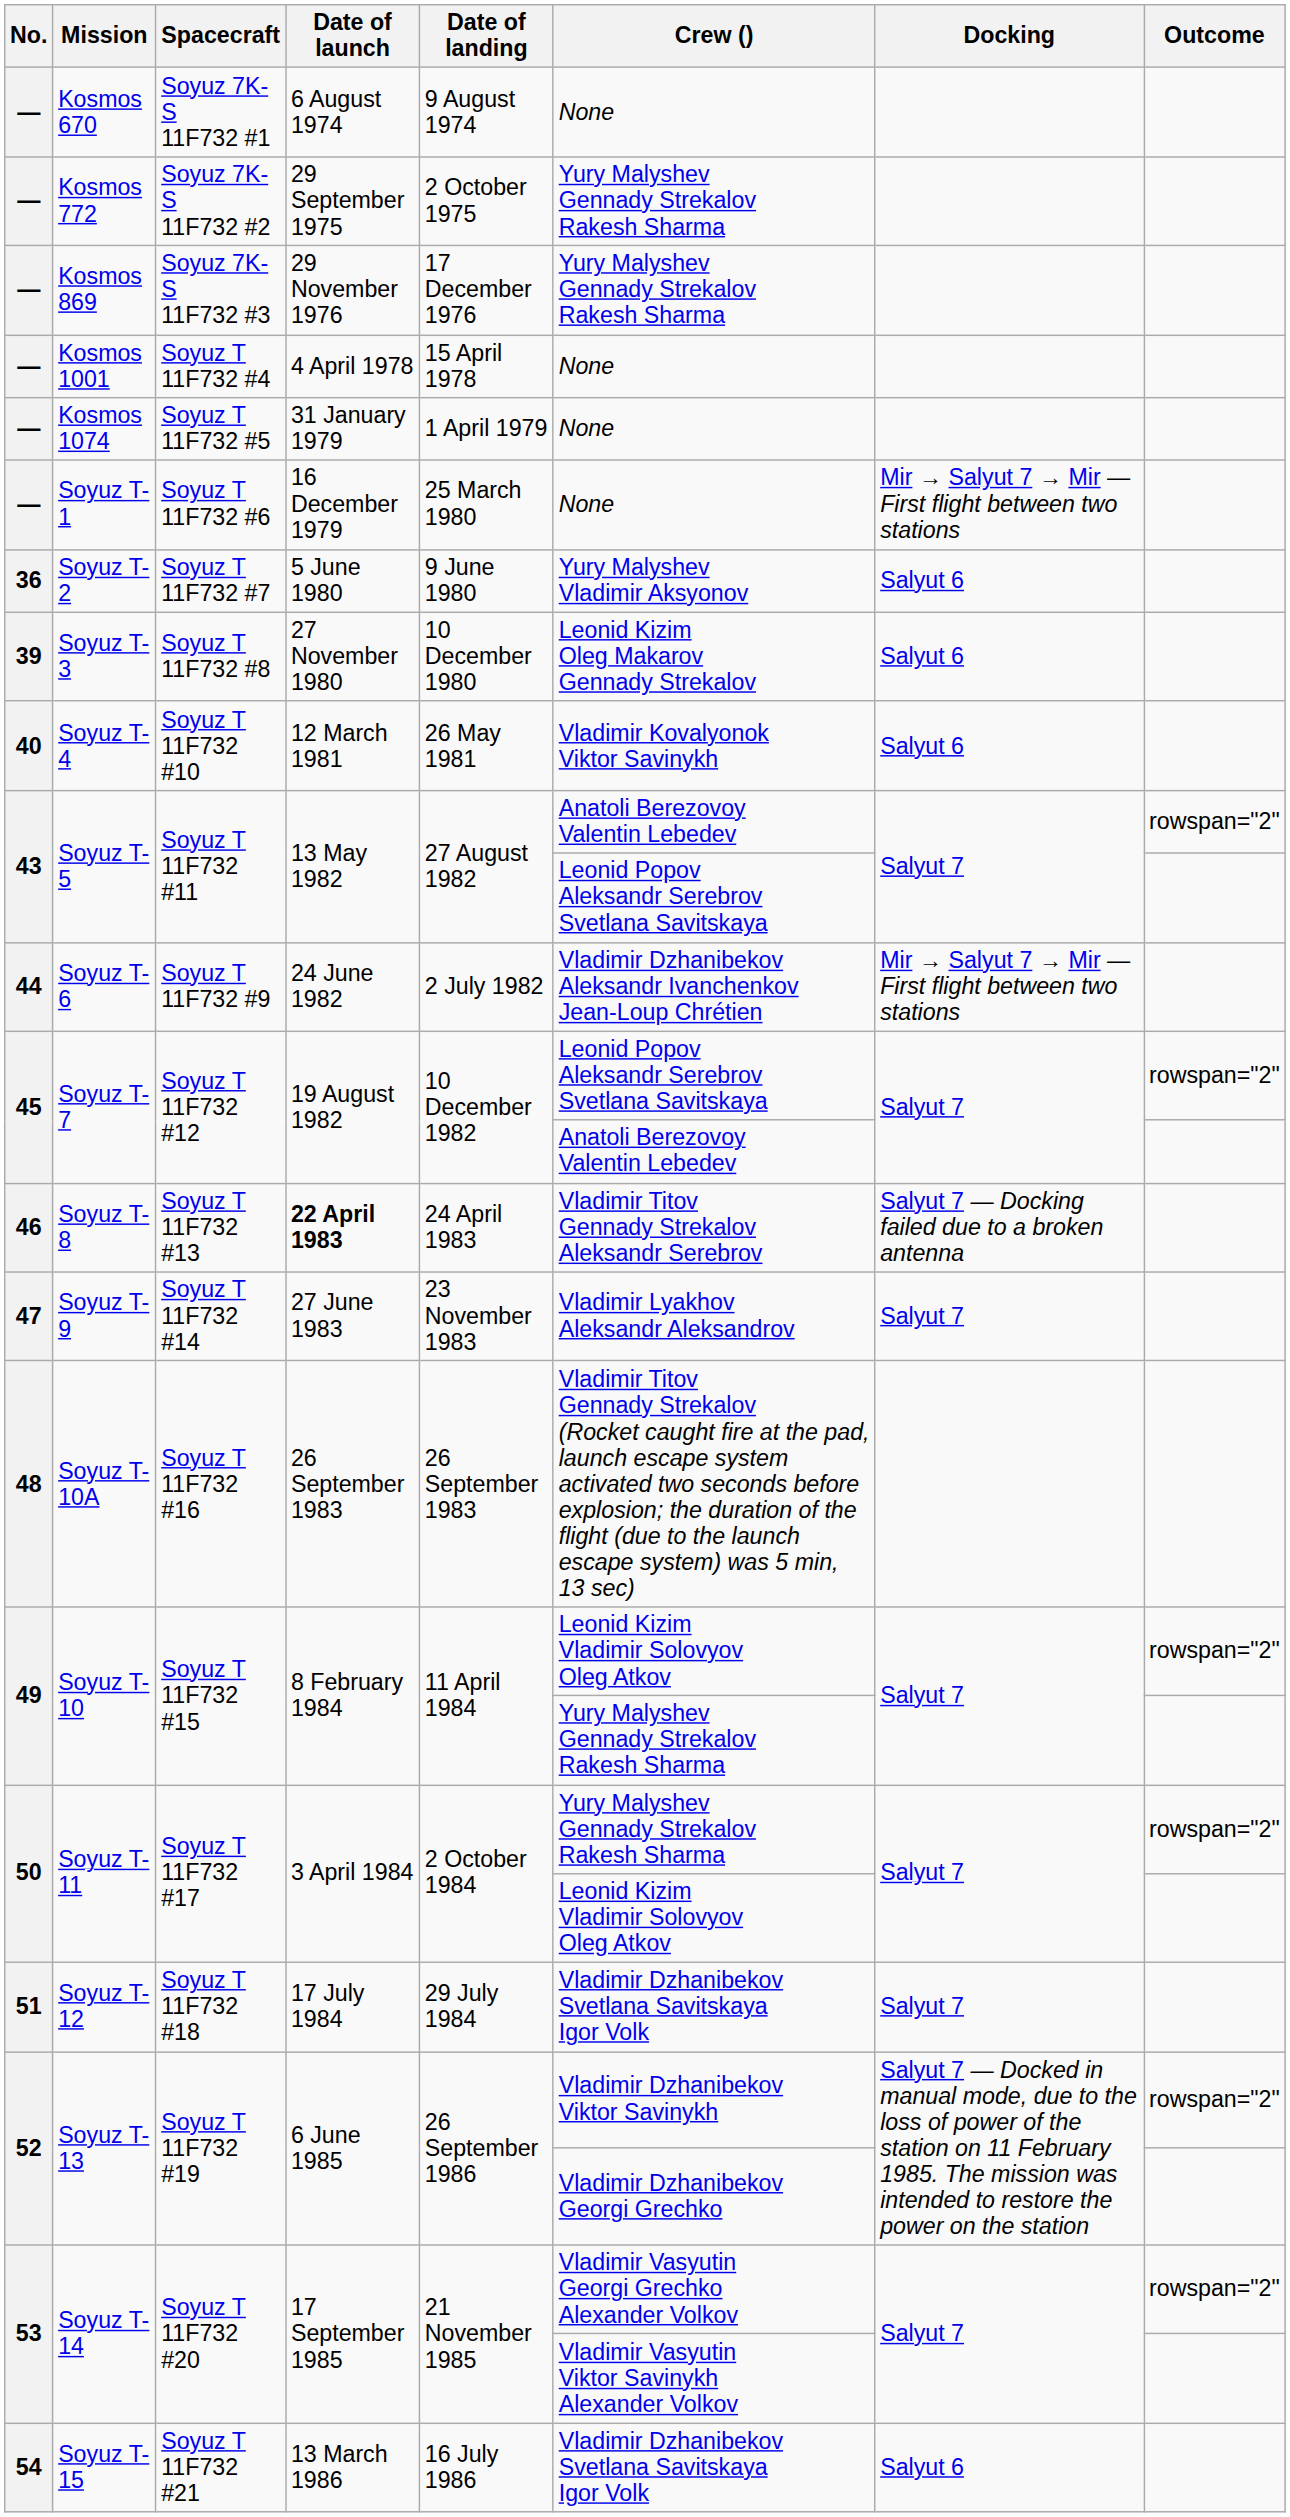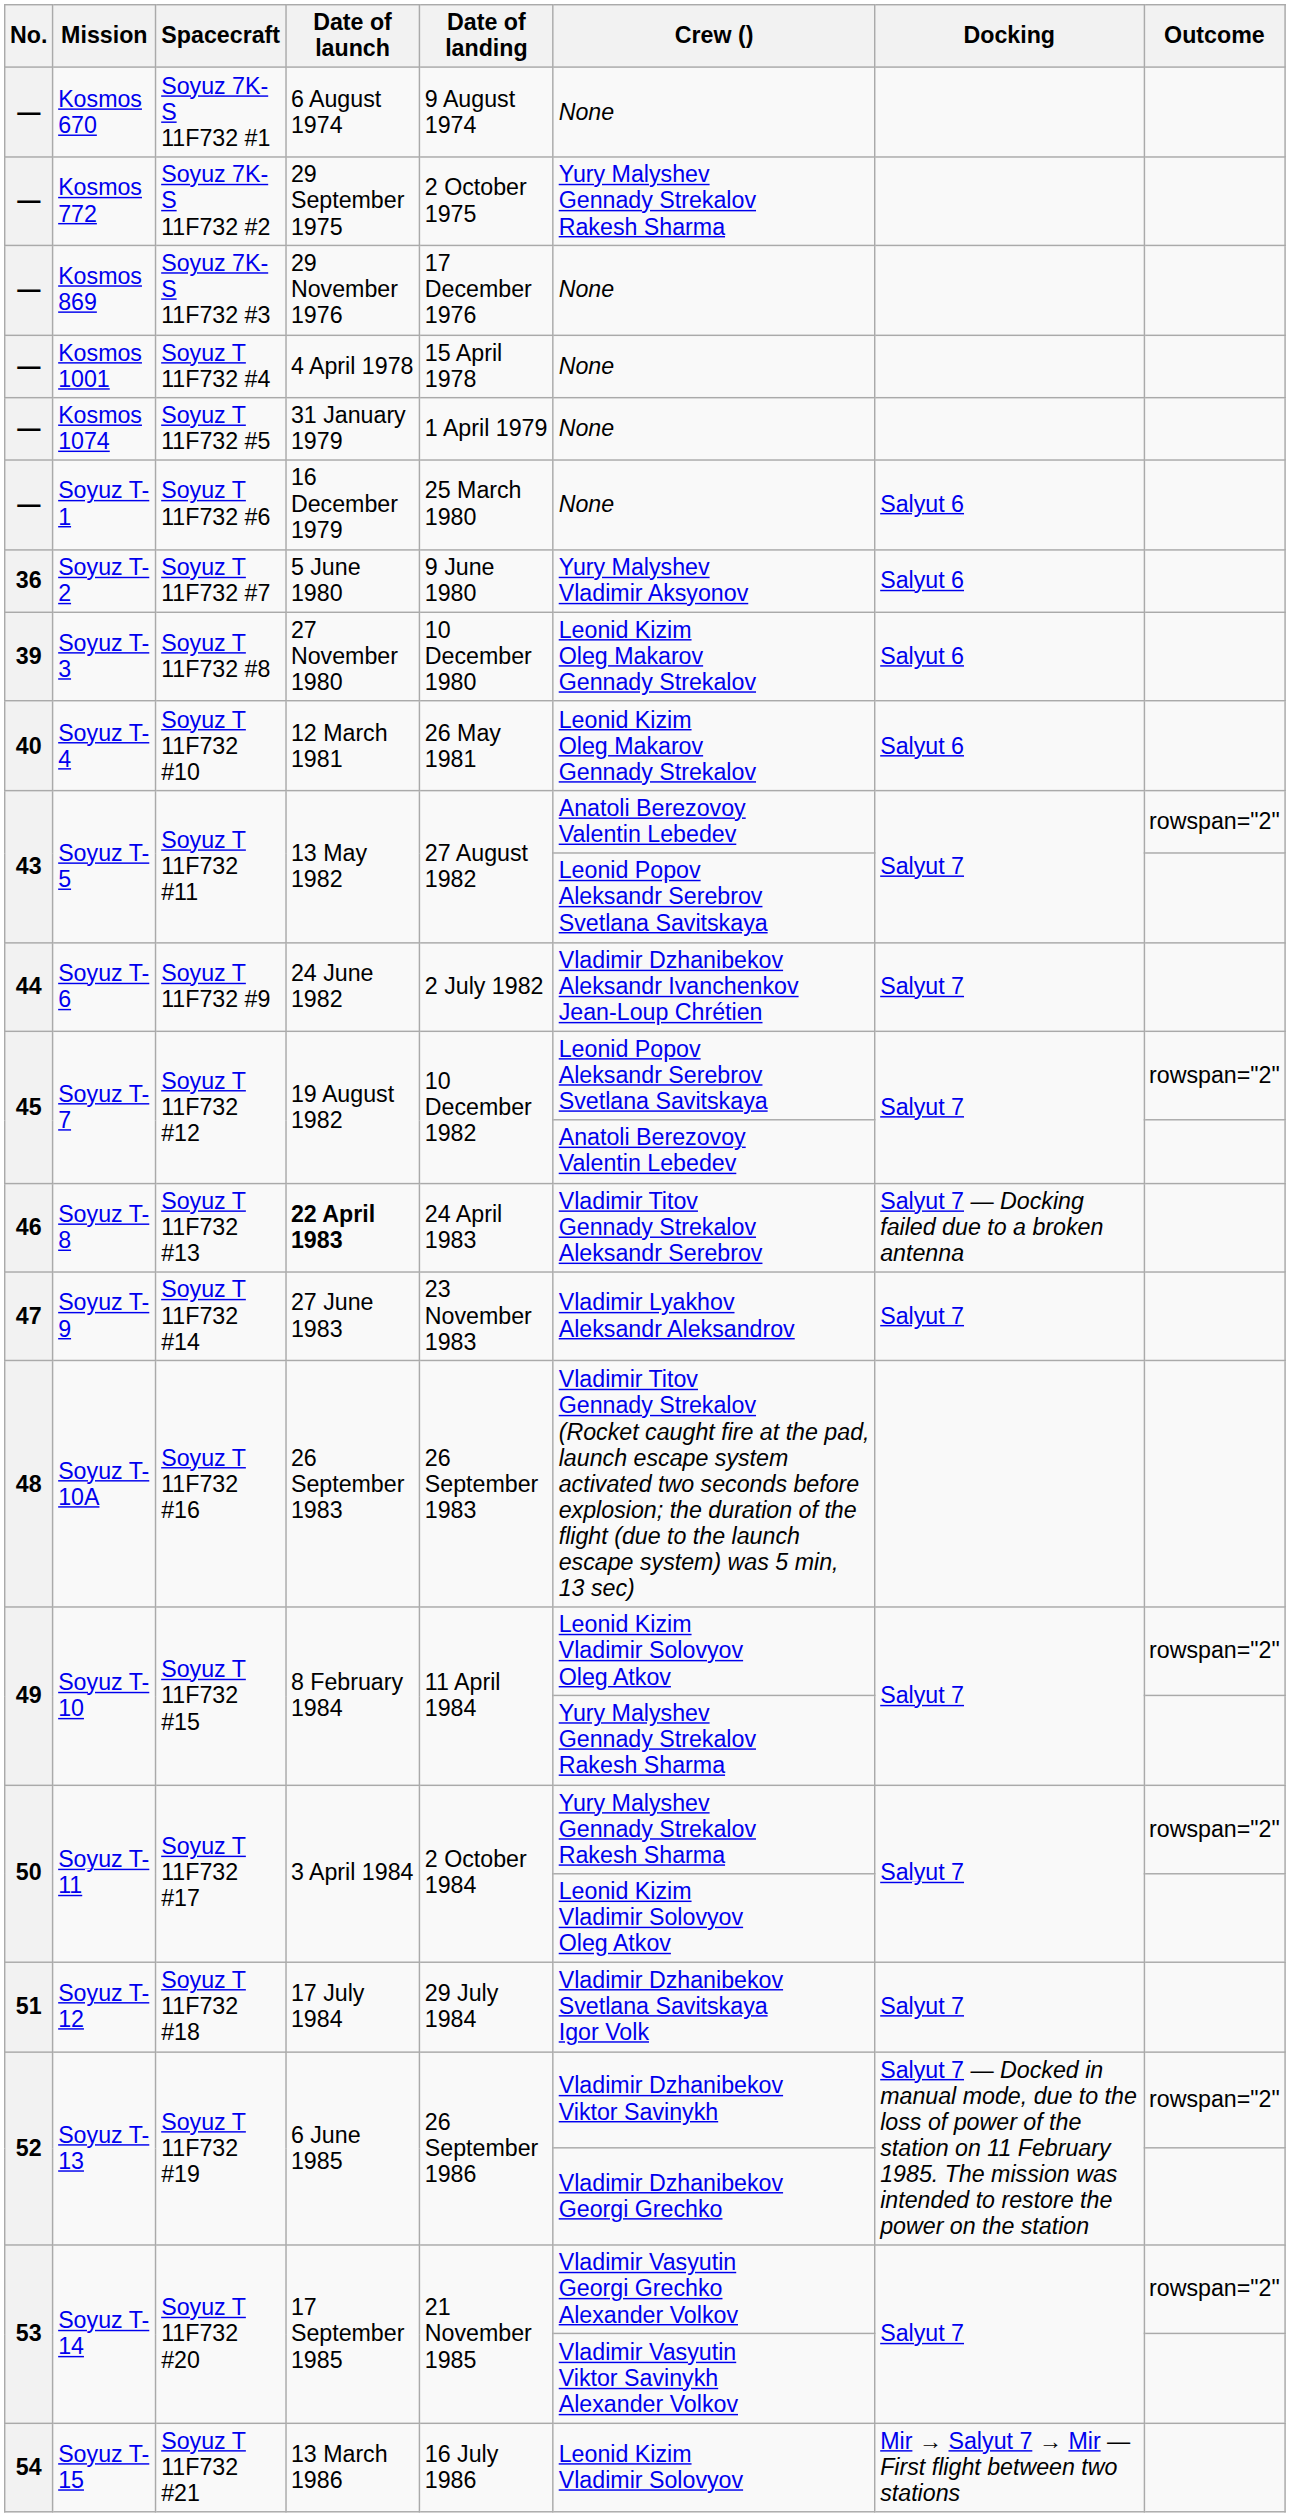 <table class="wikitable sticky-header" width="100%">
 <tr>
 <th>No.</th>
 <th>Mission</th>
 <th>Spacecraft</th>
 <th>Date of launch</th>
 <th>Date of landing</th>
 <th>Crew ()</th>
 <th>Docking</th>
 <th>Outcome</th>
 </tr>
 <tr>
 <th>—</th>
 <td><a href='#'>Kosmos 670</a></td>
 <td><a href='#'>Soyuz 7K-S</a><br>11F732 #1</td>
 <td>6 August 1974</td>
 <td>9 August 1974</td>
 <td><em>None</em></td>
 <td></td>
 <td></td>
 </tr>
 <tr>
 <th>—</th>
 <td><a href='#'>Kosmos 772</a></td>
 <td><a href='#'>Soyuz 7K-S</a><br>11F732 #2</td>
 <td>29 September 1975</td>
 <td>2 October 1975</td>
 <td> <a href='#'>Yury Malyshev</a><br> <a href='#'>Gennady Strekalov</a><br> <a href='#'>Rakesh Sharma</a></td>
 <td></td>
 <td></td>
 </tr>
 <tr>
 <th>—</th>
 <td><a href='#'>Kosmos 869</a></td>
 <td><a href='#'>Soyuz 7K-S</a><br>11F732 #3</td>
 <td>29 November 1976</td>
 <td>17 December 1976</td>
-<td> <a href='#'>Yury Malyshev</a><br> <a href='#'>Gennady Strekalov</a><br> <a href='#'>Rakesh Sharma</a></td>
+<td><em>None</em></td>
 <td></td>
 <td></td>
 </tr>
 <tr>
 <th>—</th>
 <td><a href='#'>Kosmos 1001</a></td>
 <td><a href='#'>Soyuz T</a><br>11F732 #4</td>
 <td>4 April 1978</td>
 <td>15 April 1978</td>
 <td><em>None</em></td>
 <td></td>
 <td></td>
 </tr>
 <tr>
 <th>—</th>
 <td><a href='#'>Kosmos 1074</a></td>
 <td><a href='#'>Soyuz T</a><br>11F732 #5</td>
 <td>31 January 1979</td>
 <td>1 April 1979</td>
 <td><em>None</em></td>
 <td></td>
 <td></td>
 </tr>
 <tr>
 <th>—</th>
 <td><a href='#'>Soyuz T-1</a></td>
 <td><a href='#'>Soyuz T</a><br>11F732 #6</td>
 <td>16 December 1979</td>
 <td>25 March 1980</td>
 <td><em>None</em></td>
-<td><a href='#'>Mir</a> → <a href='#'>Salyut 7</a> → <a href='#'>Mir</a> — <em>First flight between two stations</em></td>
+<td><a href='#'>Salyut 6</a></td>
 <td></td>
 </tr>
 <tr>
 <th>36</th>
 <td><a href='#'>Soyuz T-2</a></td>
 <td><a href='#'>Soyuz T</a><br>11F732 #7</td>
 <td>5 June 1980</td>
 <td>9 June 1980</td>
 <td> <a href='#'>Yury Malyshev</a><br> <a href='#'>Vladimir Aksyonov</a></td>
 <td><a href='#'>Salyut 6</a></td>
 <td></td>
 </tr>
 <tr>
 <th>39</th>
 <td><a href='#'>Soyuz T-3</a></td>
 <td><a href='#'>Soyuz T</a><br>11F732 #8</td>
 <td>27 November 1980</td>
 <td>10 December 1980</td>
 <td> <a href='#'>Leonid Kizim</a><br> <a href='#'>Oleg Makarov</a><br> <a href='#'>Gennady Strekalov</a></td>
 <td><a href='#'>Salyut 6</a></td>
 <td></td>
 </tr>
 <tr>
 <th>40</th>
 <td><a href='#'>Soyuz T-4</a></td>
 <td><a href='#'>Soyuz T</a><br>11F732 #10</td>
 <td>12 March 1981</td>
 <td>26 May 1981</td>
-<td> <a href='#'>Vladimir Kovalyonok</a><br> <a href='#'>Viktor Savinykh</a></td>
+<td> <a href='#'>Leonid Kizim</a><br> <a href='#'>Oleg Makarov</a><br> <a href='#'>Gennady Strekalov</a></td>
 <td><a href='#'>Salyut 6</a></td>
 <td></td>
 </tr>
 <tr>
 <th rowspan="2">43</th>
 <td rowspan="2"><a href='#'>Soyuz T-5</a></td>
 <td rowspan="2"><a href='#'>Soyuz T</a><br>11F732 #11</td>
 <td rowspan="2">13 May 1982</td>
 <td rowspan="2">27 August 1982</td>
 <td> <a href='#'>Anatoli Berezovoy</a><br> <a href='#'>Valentin Lebedev</a></td>
 <td rowspan="2"><a href='#'>Salyut 7</a></td>
 <td>rowspan="2" </td>
 </tr>
 <tr>
 <td> <a href='#'>Leonid Popov</a><br> <a href='#'>Aleksandr Serebrov</a><br> <a href='#'>Svetlana Savitskaya</a></td>
 </tr>
 <tr>
 <th>44</th>
 <td><a href='#'>Soyuz T-6</a></td>
 <td><a href='#'>Soyuz T</a><br>11F732 #9</td>
 <td>24 June 1982</td>
 <td>2 July 1982</td>
 <td> <a href='#'>Vladimir Dzhanibekov</a><br> <a href='#'>Aleksandr Ivanchenkov</a><br> <a href='#'>Jean-Loup Chrétien</a></td>
-<td><a href='#'>Mir</a> → <a href='#'>Salyut 7</a> → <a href='#'>Mir</a> — <em>First flight between two stations</em></td>
+<td><a href='#'>Salyut 7</a></td>
 <td></td>
 </tr>
 <tr>
 <th rowspan="2">45</th>
 <td rowspan="2"><a href='#'>Soyuz T-7</a></td>
 <td rowspan="2"><a href='#'>Soyuz T</a><br>11F732 #12</td>
 <td rowspan="2">19 August 1982</td>
 <td rowspan="2">10 December 1982</td>
 <td> <a href='#'>Leonid Popov</a><br> <a href='#'>Aleksandr Serebrov</a><br> <a href='#'>Svetlana Savitskaya</a></td>
 <td rowspan="2"><a href='#'>Salyut 7</a></td>
 <td>rowspan="2" </td>
 </tr>
 <tr>
 <td> <a href='#'>Anatoli Berezovoy</a><br> <a href='#'>Valentin Lebedev</a></td>
 </tr>
 <tr>
 <th>46</th>
 <td><a href='#'>Soyuz T-8</a></td>
 <td><a href='#'>Soyuz T</a><br>11F732 #13</td>
 <td><strong>22 April 1983</strong></td>
 <td>24 April 1983</td>
 <td> <a href='#'>Vladimir Titov</a><br> <a href='#'>Gennady Strekalov</a><br> <a href='#'>Aleksandr Serebrov</a></td>
 <td><a href='#'>Salyut 7</a> — <em>Docking failed due to a broken antenna</em></td>
 <td></td>
 </tr>
 <tr>
 <th>47</th>
 <td><a href='#'>Soyuz T-9</a></td>
 <td><a href='#'>Soyuz T</a><br>11F732 #14</td>
 <td>27 June 1983</td>
 <td>23 November 1983</td>
 <td> <a href='#'>Vladimir Lyakhov</a><br> <a href='#'>Aleksandr Aleksandrov</a></td>
 <td><a href='#'>Salyut 7</a></td>
 <td></td>
 </tr>
 <tr>
 <th>48</th>
 <td><a href='#'>Soyuz T-10A</a></td>
 <td><a href='#'>Soyuz T</a><br>11F732 #16</td>
 <td>26 September 1983</td>
 <td>26 September 1983</td>
 <td> <a href='#'>Vladimir Titov</a><br> <a href='#'>Gennady Strekalov</a><br><em>(Rocket caught fire at the pad, launch escape system activated two seconds before explosion; the duration of the flight (due to the launch escape system) was 5 min, 13 sec)</em></td>
 <td></td>
 <td></td>
 </tr>
 <tr>
 <th rowspan="2">49</th>
 <td rowspan="2"><a href='#'>Soyuz T-10</a></td>
 <td rowspan="2"><a href='#'>Soyuz T</a><br>11F732 #15</td>
 <td rowspan="2">8 February 1984</td>
 <td rowspan="2">11 April 1984</td>
 <td> <a href='#'>Leonid Kizim</a><br> <a href='#'>Vladimir Solovyov</a><br> <a href='#'>Oleg Atkov</a></td>
 <td rowspan="2"><a href='#'>Salyut 7</a></td>
 <td>rowspan="2" </td>
 </tr>
 <tr>
 <td> <a href='#'>Yury Malyshev</a><br> <a href='#'>Gennady Strekalov</a><br> <a href='#'>Rakesh Sharma</a></td>
 </tr>
 <tr>
 <th rowspan="2">50</th>
 <td rowspan="2"><a href='#'>Soyuz T-11</a></td>
 <td rowspan="2"><a href='#'>Soyuz T</a><br>11F732 #17</td>
 <td rowspan="2">3 April 1984</td>
 <td rowspan="2">2 October 1984</td>
 <td> <a href='#'>Yury Malyshev</a><br> <a href='#'>Gennady Strekalov</a><br> <a href='#'>Rakesh Sharma</a></td>
 <td rowspan="2"><a href='#'>Salyut 7</a></td>
 <td>rowspan="2" </td>
 </tr>
 <tr>
 <td> <a href='#'>Leonid Kizim</a><br> <a href='#'>Vladimir Solovyov</a><br> <a href='#'>Oleg Atkov</a></td>
 </tr>
 <tr>
 <th>51</th>
 <td><a href='#'>Soyuz T-12</a></td>
 <td><a href='#'>Soyuz T</a><br>11F732 #18</td>
 <td>17 July 1984</td>
 <td>29 July 1984</td>
 <td> <a href='#'>Vladimir Dzhanibekov</a><br> <a href='#'>Svetlana Savitskaya</a><br> <a href='#'>Igor Volk</a></td>
 <td><a href='#'>Salyut 7</a></td>
 <td></td>
 </tr>
 <tr>
 <th rowspan="2">52</th>
 <td rowspan="2"><a href='#'>Soyuz T-13</a></td>
 <td rowspan="2"><a href='#'>Soyuz T</a><br>11F732 #19</td>
 <td rowspan="2">6 June 1985</td>
 <td rowspan="2">26 September 1986</td>
 <td> <a href='#'>Vladimir Dzhanibekov</a><br> <a href='#'>Viktor Savinykh</a></td>
 <td rowspan="2"><a href='#'>Salyut 7</a> — <em>Docked in manual mode, due to the loss of power of the station on 11 February 1985. The mission was intended to restore the power on the station</em></td>
 <td>rowspan="2" </td>
 </tr>
 <tr>
 <td> <a href='#'>Vladimir Dzhanibekov</a><br> <a href='#'>Georgi Grechko</a></td>
 </tr>
 <tr>
 <th rowspan="2">53</th>
 <td rowspan="2"><a href='#'>Soyuz T-14</a></td>
 <td rowspan="2"><a href='#'>Soyuz T</a><br>11F732 #20</td>
 <td rowspan="2">17 September 1985</td>
 <td rowspan="2">21 November 1985</td>
 <td> <a href='#'>Vladimir Vasyutin</a><br> <a href='#'>Georgi Grechko</a><br> <a href='#'>Alexander Volkov</a></td>
 <td rowspan="2"><a href='#'>Salyut 7</a></td>
 <td>rowspan="2" </td>
 </tr>
 <tr>
 <td> <a href='#'>Vladimir Vasyutin</a><br> <a href='#'>Viktor Savinykh</a><br> <a href='#'>Alexander Volkov</a></td>
 </tr>
 <tr>
 <th>54</th>
 <td><a href='#'>Soyuz T-15</a></td>
 <td><a href='#'>Soyuz T</a><br>11F732 #21</td>
 <td>13 March 1986</td>
 <td>16 July 1986</td>
-<td> <a href='#'>Vladimir Dzhanibekov</a><br> <a href='#'>Svetlana Savitskaya</a><br> <a href='#'>Igor Volk</a></td>
-<td><a href='#'>Salyut 6</a></td>
+<td> <a href='#'>Leonid Kizim</a><br> <a href='#'>Vladimir Solovyov</a></td>
+<td><a href='#'>Mir</a> → <a href='#'>Salyut 7</a> → <a href='#'>Mir</a> — <em>First flight between two stations</em></td>
 <td></td>
 </tr>
 </table>
